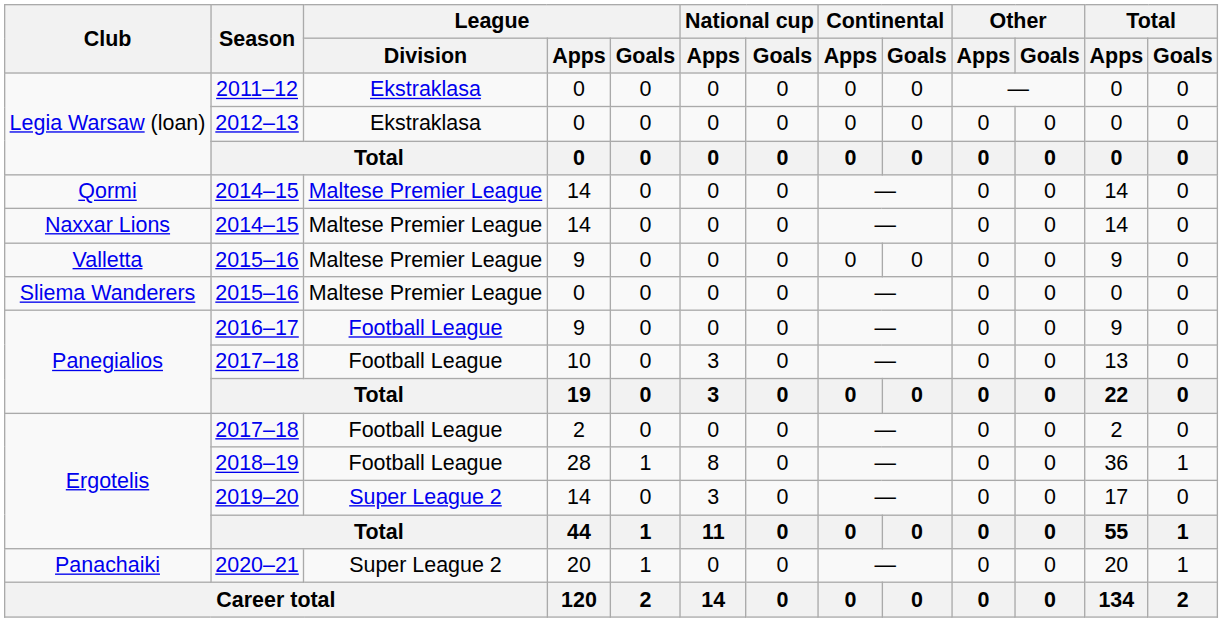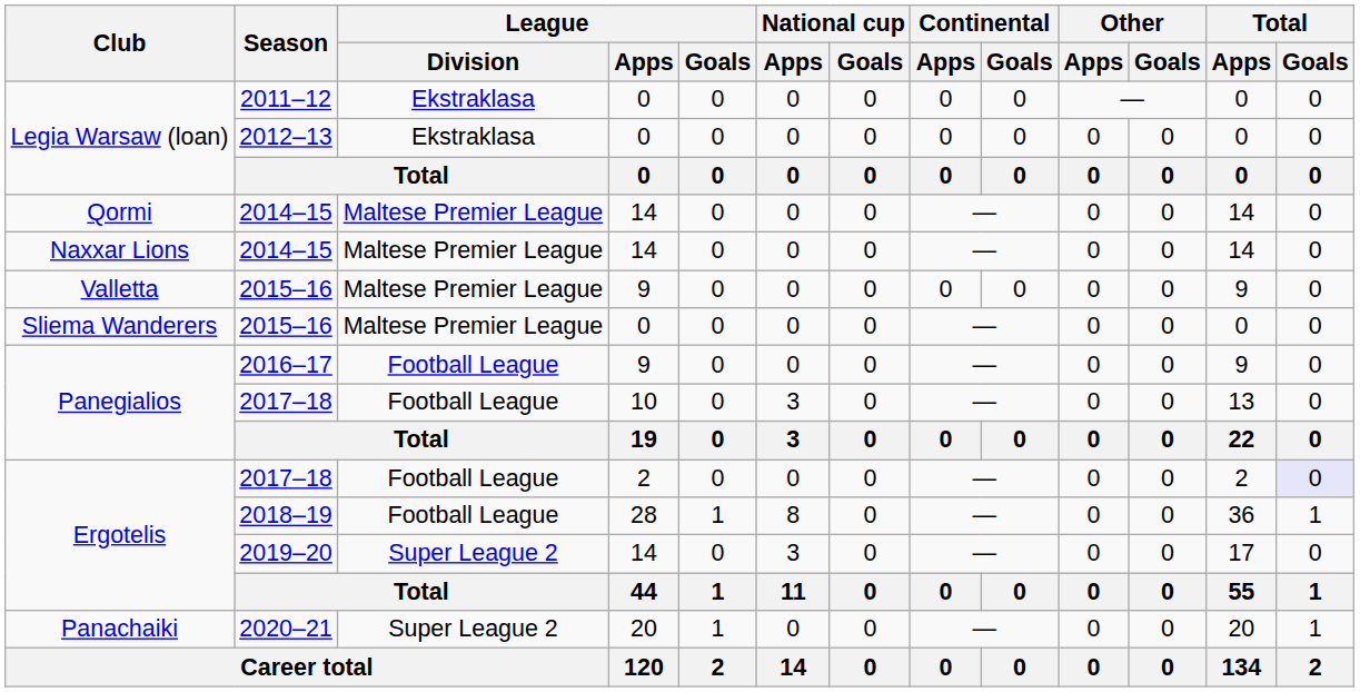 <table class="wikitable" style="text-align: center;">
 <tr>
 <th rowspan="2">Club</th>
 <th rowspan="2">Season</th>
 <th colspan="3">League</th>
 <th colspan="2">National cup</th>
 <th colspan="2">Continental</th>
 <th colspan="2">Other</th>
 <th colspan="2">Total</th>
 </tr>
 <tr>
 <th>Division</th>
 <th>Apps</th>
 <th>Goals</th>
 <th>Apps</th>
 <th>Goals</th>
 <th>Apps</th>
 <th>Goals</th>
 <th>Apps</th>
 <th>Goals</th>
 <th>Apps</th>
 <th>Goals</th>
 </tr>
 <tr>
 <td rowspan="3"><a href='#'>Legia Warsaw</a> (loan)</td>
 <td><a href='#'>2011–12</a></td>
 <td><a href='#'>Ekstraklasa</a></td>
 <td>0</td>
 <td>0</td>
 <td>0</td>
 <td>0</td>
 <td>0</td>
 <td>0</td>
 <td colspan="2">—</td>
 <td>0</td>
 <td>0</td>
 </tr>
 <tr>
 <td><a href='#'>2012–13</a></td>
 <td>Ekstraklasa</td>
 <td>0</td>
 <td>0</td>
 <td>0</td>
 <td>0</td>
 <td>0</td>
 <td>0</td>
 <td>0</td>
 <td>0</td>
 <td>0</td>
 <td>0</td>
 </tr>
 <tr>
 <th colspan="2"><strong>Total</strong></th>
 <th>0</th>
 <th>0</th>
 <th>0</th>
 <th>0</th>
 <th>0</th>
 <th>0</th>
 <th>0</th>
 <th>0</th>
 <th>0</th>
 <th>0</th>
 </tr>
 <tr>
 <td><a href='#'>Qormi</a></td>
 <td><a href='#'>2014–15</a></td>
 <td><a href='#'>Maltese Premier League</a></td>
 <td>14</td>
 <td>0</td>
 <td>0</td>
 <td>0</td>
 <td colspan="2">—</td>
 <td>0</td>
 <td>0</td>
 <td>14</td>
 <td>0</td>
 </tr>
 <tr>
 <td><a href='#'>Naxxar Lions</a></td>
 <td><a href='#'>2014–15</a></td>
 <td>Maltese Premier League</td>
 <td>14</td>
 <td>0</td>
 <td>0</td>
 <td>0</td>
 <td colspan="2">—</td>
 <td>0</td>
 <td>0</td>
 <td>14</td>
 <td>0</td>
 </tr>
 <tr>
 <td><a href='#'>Valletta</a></td>
 <td><a href='#'>2015–16</a></td>
 <td>Maltese Premier League</td>
 <td>9</td>
 <td>0</td>
 <td>0</td>
 <td>0</td>
 <td>0</td>
 <td>0</td>
 <td>0</td>
 <td>0</td>
 <td>9</td>
 <td>0</td>
 </tr>
 <tr>
 <td><a href='#'>Sliema Wanderers</a></td>
 <td><a href='#'>2015–16</a></td>
 <td>Maltese Premier League</td>
 <td>0</td>
 <td>0</td>
 <td>0</td>
 <td>0</td>
 <td colspan="2">—</td>
 <td>0</td>
 <td>0</td>
 <td>0</td>
 <td>0</td>
 </tr>
 <tr>
 <td rowspan="3"><a href='#'>Panegialios</a></td>
 <td><a href='#'>2016–17</a></td>
 <td><a href='#'>Football League</a></td>
 <td>9</td>
 <td>0</td>
 <td>0</td>
 <td>0</td>
 <td colspan="2">—</td>
 <td>0</td>
 <td>0</td>
 <td>9</td>
 <td>0</td>
 </tr>
 <tr>
 <td><a href='#'>2017–18</a></td>
 <td>Football League</td>
 <td>10</td>
 <td>0</td>
 <td>3</td>
 <td>0</td>
 <td colspan="2">—</td>
 <td>0</td>
 <td>0</td>
 <td>13</td>
 <td>0</td>
 </tr>
 <tr>
 <th colspan="2"><strong>Total</strong></th>
 <th>19</th>
 <th>0</th>
 <th>3</th>
 <th>0</th>
 <th>0</th>
 <th>0</th>
 <th>0</th>
 <th>0</th>
 <th>22</th>
 <th>0</th>
 </tr>
 <tr>
 <td rowspan="4"><a href='#'>Ergotelis</a></td>
 <td><a href='#'>2017–18</a></td>
 <td>Football League</td>
 <td>2</td>
 <td>0</td>
 <td>0</td>
 <td>0</td>
 <td colspan="2">—</td>
 <td>0</td>
 <td>0</td>
 <td>2</td>
-<td>0</td>
+<td style="background: lavender;">0</td>
 </tr>
 <tr>
 <td><a href='#'>2018–19</a></td>
 <td>Football League</td>
 <td>28</td>
 <td>1</td>
 <td>8</td>
 <td>0</td>
 <td colspan="2">—</td>
 <td>0</td>
 <td>0</td>
 <td>36</td>
 <td>1</td>
 </tr>
 <tr>
 <td><a href='#'>2019–20</a></td>
 <td><a href='#'>Super League 2</a></td>
 <td>14</td>
 <td>0</td>
 <td>3</td>
 <td>0</td>
 <td colspan="2">—</td>
 <td>0</td>
 <td>0</td>
 <td>17</td>
 <td>0</td>
 </tr>
 <tr>
 <th colspan="2"><strong>Total</strong></th>
 <th>44</th>
 <th>1</th>
 <th>11</th>
 <th>0</th>
 <th>0</th>
 <th>0</th>
 <th>0</th>
 <th>0</th>
 <th>55</th>
 <th>1</th>
 </tr>
 <tr>
 <td><a href='#'>Panachaiki</a></td>
 <td><a href='#'>2020–21</a></td>
 <td>Super League 2</td>
 <td>20</td>
 <td>1</td>
 <td>0</td>
 <td>0</td>
 <td colspan="2">—</td>
 <td>0</td>
 <td>0</td>
 <td>20</td>
 <td>1</td>
 </tr>
 <tr>
 <th colspan=3>Career total</th>
 <th>120</th>
 <th>2</th>
 <th>14</th>
 <th>0</th>
 <th>0</th>
 <th>0</th>
 <th>0</th>
 <th>0</th>
 <th>134</th>
 <th>2</th>
 </tr>
 </table>
